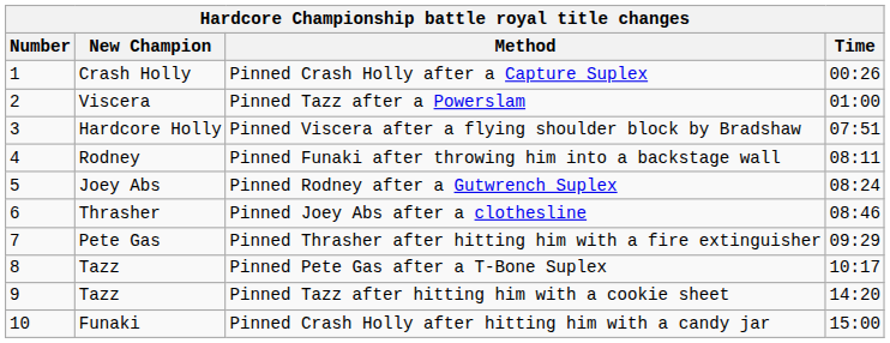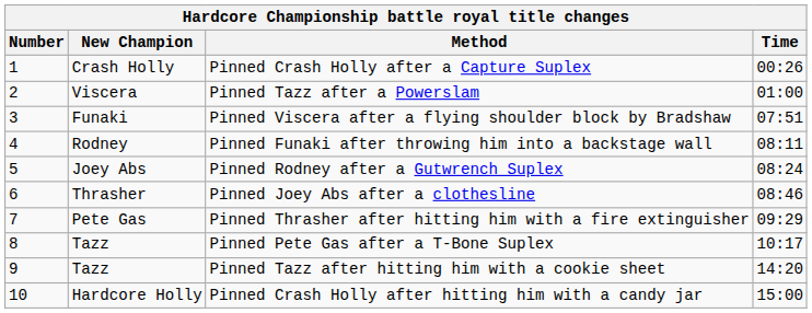 <table class="wikitable" border="1">
 <tr>
 <th colspan="15">Hardcore Championship battle royal title changes</th>
 </tr>
 <tr>
 <th>Number</th>
 <th>New Champion</th>
 <th>Method</th>
 <th>Time</th>
 </tr>
 <tr>
 <td>1</td>
 <td>Crash Holly</td>
 <td>Pinned Crash Holly after a <a href='#'>Capture Suplex</a></td>
 <td>00:26</td>
 </tr>
 <tr>
 <td>2</td>
 <td>Viscera</td>
 <td>Pinned Tazz after a <a href='#'>Powerslam</a></td>
 <td>01:00</td>
 </tr>
 <tr>
 <td>3</td>
-<td>Hardcore Holly</td>
+<td>Funaki</td>
 <td>Pinned Viscera after a flying shoulder block by Bradshaw</td>
 <td>07:51</td>
 </tr>
 <tr>
 <td>4</td>
 <td>Rodney</td>
 <td>Pinned Funaki after throwing him into a backstage wall</td>
 <td>08:11</td>
 </tr>
 <tr>
 <td>5</td>
 <td>Joey Abs</td>
 <td>Pinned Rodney after a <a href='#'>Gutwrench Suplex</a></td>
 <td>08:24</td>
 </tr>
 <tr>
 <td>6</td>
 <td>Thrasher</td>
 <td>Pinned Joey Abs after a <a href='#'>clothesline</a></td>
 <td>08:46</td>
 </tr>
 <tr>
 <td>7</td>
 <td>Pete Gas</td>
 <td>Pinned Thrasher after hitting him with a fire extinguisher</td>
 <td>09:29</td>
 </tr>
 <tr>
 <td>8</td>
 <td>Tazz</td>
 <td>Pinned Pete Gas after a T-Bone Suplex</td>
 <td>10:17</td>
 </tr>
 <tr>
 <td>9</td>
 <td>Tazz</td>
 <td>Pinned Tazz after hitting him with a cookie sheet</td>
 <td>14:20</td>
 </tr>
 <tr>
 <td>10</td>
-<td>Funaki</td>
+<td>Hardcore Holly</td>
 <td>Pinned Crash Holly after hitting him with a candy jar</td>
 <td>15:00</td>
 </tr>
 </table>
